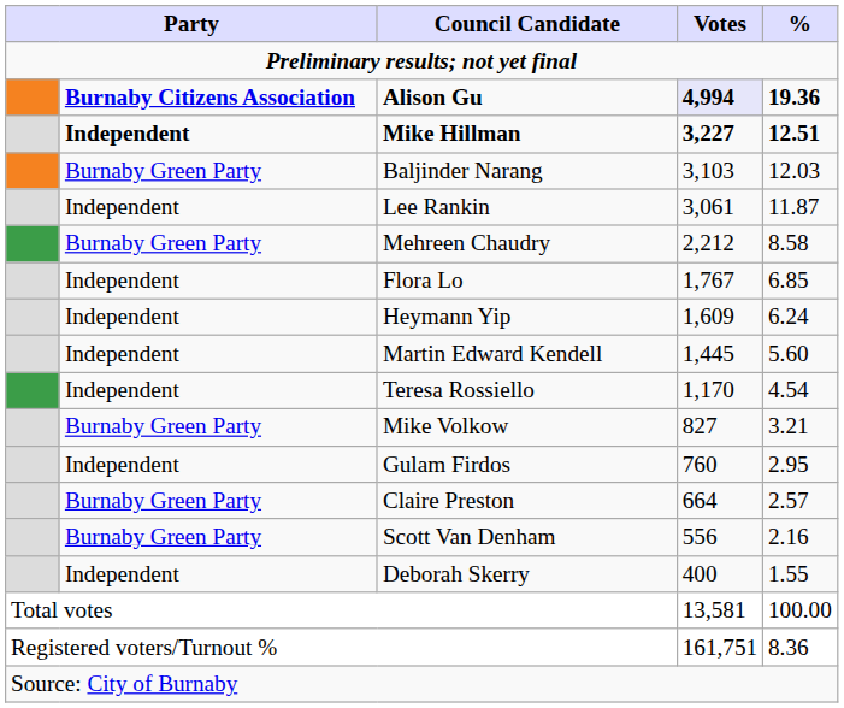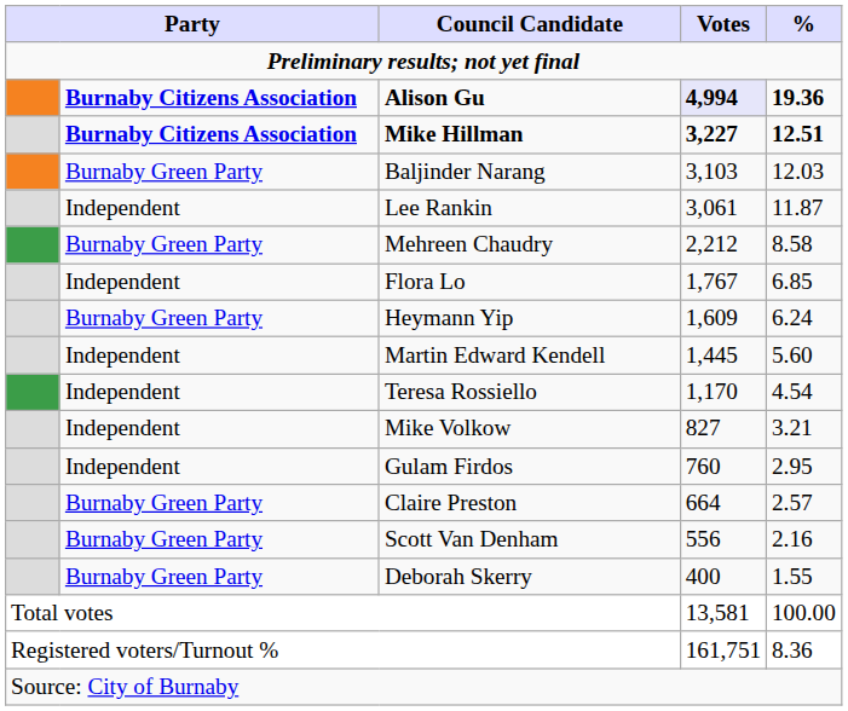 <table class="wikitable">
 <tr>
 <th style="background:#ddf;" width="250px" colspan="2">Party</th>
 <th style="background:#ddf;" width="200px">Council Candidate</th>
 <th style="background:#ddf;" width="50px">Votes</th>
 <th style="background:#ddf;" width="30px">%</th>
 </tr>
 <tr>
 <td colspan="5" align="center"><strong><em>Preliminary results; not yet final</em></strong></td>
 </tr>
 <tr>
 <td style="background:#F58220;" width="30px"> </td>
 <td><strong><a href='#'>Burnaby Citizens Association</a></strong></td>
 <td><strong>Alison Gu</strong></td>
 <td style="background: lavender;"><strong>4,994</strong></td>
 <td><strong>19.36</strong></td>
 </tr>
 <tr>
 <td style="background:gainsboro" width="30px"> </td>
-<td><strong>Independent</strong></td>
+<td><strong><a href='#'>Burnaby Citizens Association</a></strong></td>
 <td><strong>Mike Hillman</strong></td>
 <td><strong>3,227</strong></td>
 <td><strong>12.51</strong></td>
 </tr>
 <tr>
 <td style="background:#F58220;" width="30px"> </td>
 <td><a href='#'>Burnaby Green Party</a></td>
 <td>Baljinder Narang</td>
 <td>3,103</td>
 <td>12.03</td>
 </tr>
 <tr>
 <td style="background:gainsboro" width="30px"> </td>
 <td>Independent</td>
 <td>Lee Rankin</td>
 <td>3,061</td>
 <td>11.87</td>
 </tr>
 <tr>
 <td style="background:#3B9D48;" width="30px"> </td>
 <td><a href='#'>Burnaby Green Party</a></td>
 <td>Mehreen Chaudry</td>
 <td>2,212</td>
 <td>8.58</td>
 </tr>
 <tr>
 <td style="background:gainsboro" width="30px"> </td>
 <td>Independent</td>
 <td>Flora Lo</td>
 <td>1,767</td>
 <td>6.85</td>
 </tr>
 <tr>
 <td style="background:gainsboro" width="30px"> </td>
-<td>Independent</td>
+<td><a href='#'>Burnaby Green Party</a></td>
 <td>Heymann Yip</td>
 <td>1,609</td>
 <td>6.24</td>
 </tr>
 <tr>
 <td style="background:gainsboro" width="30px"> </td>
 <td>Independent</td>
 <td>Martin Edward Kendell</td>
 <td>1,445</td>
 <td>5.60</td>
 </tr>
 <tr>
 <td style="background:#3B9D48;" width="30px"> </td>
 <td>Independent</td>
 <td>Teresa Rossiello</td>
 <td>1,170</td>
 <td>4.54</td>
 </tr>
 <tr>
 <td style="background:gainsboro" width="30px"> </td>
-<td><a href='#'>Burnaby Green Party</a></td>
+<td>Independent</td>
 <td>Mike Volkow</td>
 <td>827</td>
 <td>3.21</td>
 </tr>
 <tr>
 <td style="background:gainsboro" width="30px"> </td>
 <td>Independent</td>
 <td>Gulam Firdos</td>
 <td>760</td>
 <td>2.95</td>
 </tr>
 <tr>
 <td style="background:gainsboro" width="30px"> </td>
 <td><a href='#'>Burnaby Green Party</a></td>
 <td>Claire Preston</td>
 <td>664</td>
 <td>2.57</td>
 </tr>
 <tr>
 <td style="background:gainsboro" width="30px"> </td>
 <td><a href='#'>Burnaby Green Party</a></td>
 <td>Scott Van Denham</td>
 <td>556</td>
 <td>2.16</td>
 </tr>
 <tr>
 <td style="background:gainsboro" width="30px"> </td>
-<td>Independent</td>
+<td><a href='#'>Burnaby Green Party</a></td>
 <td>Deborah Skerry</td>
 <td>400</td>
 <td>1.55</td>
 </tr>
 <tr style="background:#FFFF;">
 <td colspan="3">Total votes</td>
 <td>13,581</td>
 <td>100.00</td>
 </tr>
 <tr style="background:#FFFF;">
 <td colspan="3">Registered voters/Turnout %</td>
 <td>161,751</td>
 <td>8.36</td>
 </tr>
 <tr>
 <td colspan="5">Source: <a href='#'>City of Burnaby</a></td>
 </tr>
 </table>
